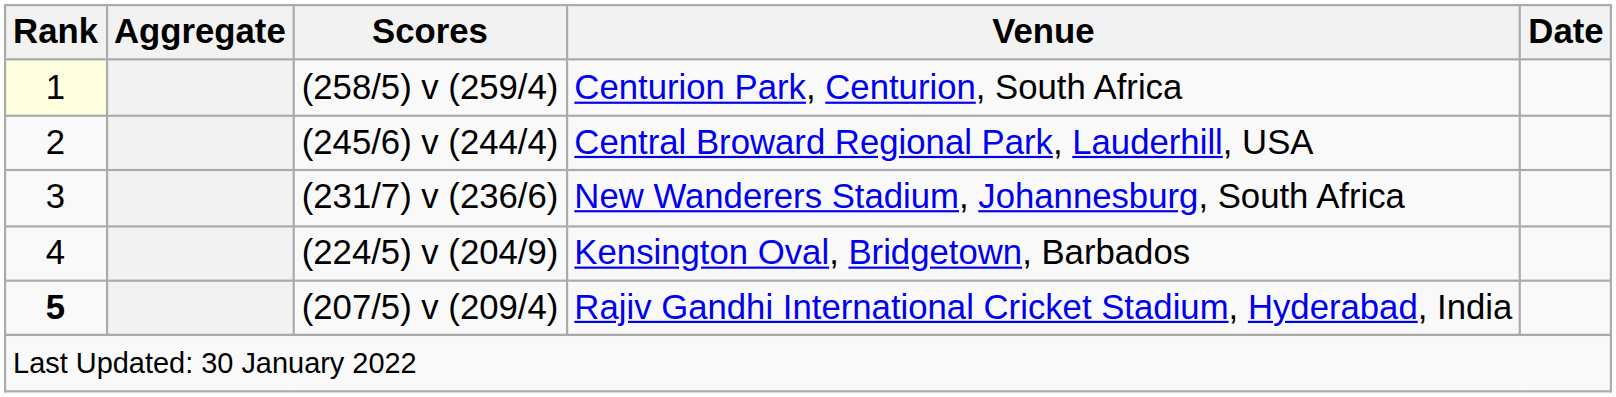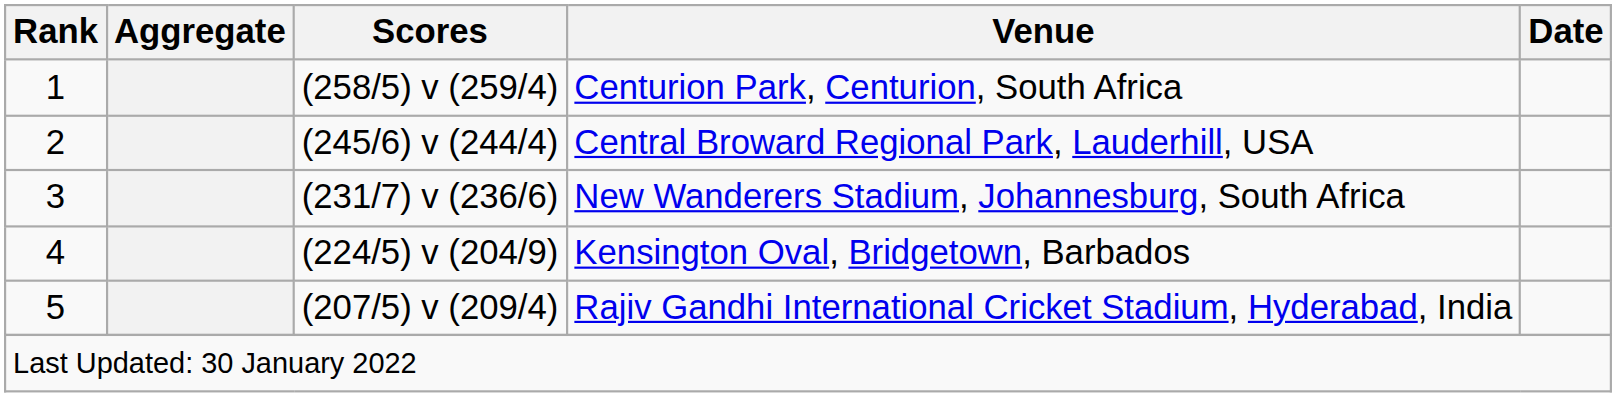 <table class="wikitable plainrowheaders sortable">
 <tr>
 <th scope=col>Rank</th>
 <th scope=col>Aggregate</th>
 <th scope=col>Scores</th>
 <th scope=col>Venue</th>
 <th scope=col>Date</th>
 </tr>
 <tr>
-<td align=center style="background: lightyellow;">1</td>
+<td align=center>1</td>
 <th scope=row style=text-align:center;></th>
 <td> (258/5) v  (259/4)</td>
 <td><a href='#'>Centurion Park</a>, <a href='#'>Centurion</a>, South Africa</td>
 <td></td>
 </tr>
 <tr>
 <td align=center>2</td>
 <th scope=row style=text-align:center;></th>
 <td> (245/6) v  (244/4)</td>
 <td><a href='#'>Central Broward Regional Park</a>, <a href='#'>Lauderhill</a>, USA</td>
 <td></td>
 </tr>
 <tr>
 <td align=center>3</td>
 <th scope=row style=text-align:center;></th>
 <td> (231/7) v  (236/6)</td>
 <td><a href='#'>New Wanderers Stadium</a>, <a href='#'>Johannesburg</a>, South Africa</td>
 <td></td>
 </tr>
 <tr>
 <td align=center>4</td>
 <th scope=row style=text-align:center;></th>
 <td> (224/5) v  (204/9)</td>
 <td><a href='#'>Kensington Oval</a>, <a href='#'>Bridgetown</a>, Barbados</td>
 <td></td>
 </tr>
 <tr>
-<td align=center><strong>5</strong></td>
+<td align=center>5</td>
 <th scope=row style=text-align:center;></th>
 <td> (207/5) v  (209/4)</td>
 <td><a href='#'>Rajiv Gandhi International Cricket Stadium</a>, <a href='#'>Hyderabad</a>, India</td>
 <td></td>
 </tr>
 <tr>
 </tr>
 <tr class=sortbottom>
 <td colspan=5><small>Last Updated: 30 January 2022</small></td>
 </tr>
 </table>
